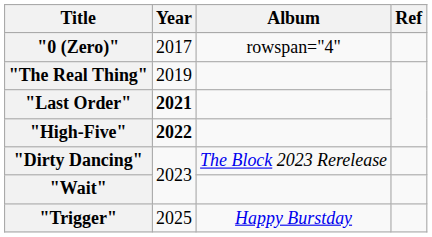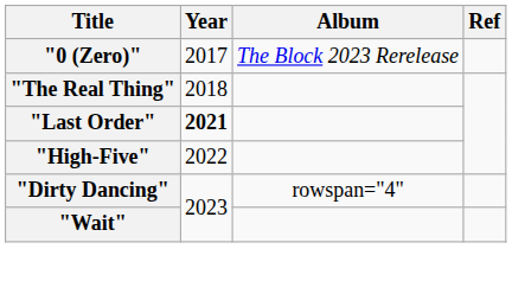 <table class="wikitable plainrowheaders" style="text-align:center">
 <tr>
 <th scope="col" rowspan="1">Title</th>
 <th scope="col" rowspan="1">Year</th>
 <th scope="col" rowspan="1">Album</th>
 <th scope="col" rowspan="1">Ref</th>
 </tr>
 <tr>
 <th scope="row">"0 (Zero)"</th>
 <td>2017</td>
-<td>rowspan="4" </td>
+<td><em><a href='#'>The Block</a> 2023 Rerelease</em></td>
 <td></td>
 </tr>
 <tr>
 <th scope="row">"The Real Thing"</th>
-<td>2019</td>
+<td>2018</td>
 <td></td>
 </tr>
 <tr>
 <th scope="row">"Last Order"</th>
 <td><strong>2021</strong></td>
 <td></td>
 </tr>
 <tr>
 <th scope="row">"High-Five"</th>
-<td><strong>2022</strong></td>
+<td>2022</td>
 <td></td>
 </tr>
 <tr>
 <th scope="row">"Dirty Dancing" </th>
 <td rowspan="2">2023</td>
-<td><em><a href='#'>The Block</a> 2023 Rerelease</em></td>
+<td>rowspan="4" </td>
 <td></td>
 </tr>
 <tr>
 <th scope="row">"Wait"</th>
 <td></td>
 <td></td>
 </tr>
-<tr>
-<th scope="row">"Trigger"</th>
-<td>2025</td>
-<td><em><a href='#'>Happy Burstday</a></em></td>
-<td></td>
-</tr>
 </table>
